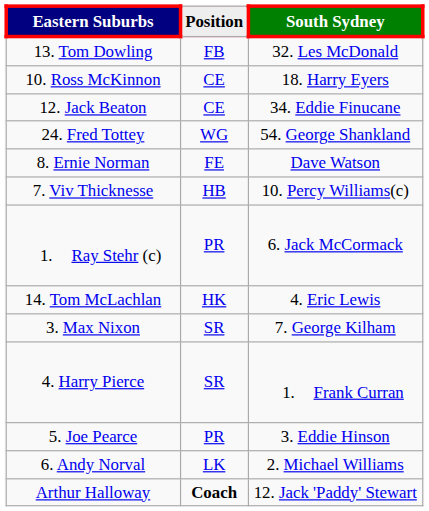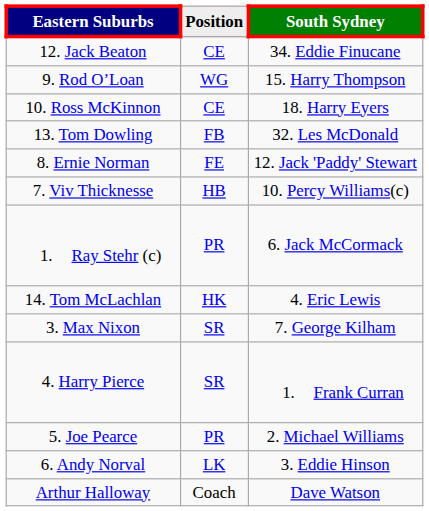 <table class="wikitable" style="float:right; font-size:90%; margin-left:1em;">
 <tr style="background:#f03;">
 <th style="width:140px; border:3px solid red; background: navy; color: white">Eastern Suburbs</th>
 <th style="width:40px; text-align:center; background:#eee; color:black;">Position</th>
 <th style="width:140px; border:3px solid red; background: green; color: white">South Sydney</th>
 </tr>
 <tr align=center>
-<td>13. <a href='#'>Tom Dowling</a></td>
-<td><a href='#'>FB</a></td>
-<td>32. <a href='#'>Les McDonald</a></td>
+<td>12. <a href='#'>Jack Beaton</a></td>
+<td><a href='#'>CE</a></td>
+<td>34. <a href='#'>Eddie Finucane</a></td>
+</tr>
+<tr align=center>
+<td>9. <a href='#'>Rod O’Loan</a></td>
+<td><a href='#'>WG</a></td>
+<td>15. <a href='#'>Harry Thompson</a></td>
 </tr>
 <tr align=center>
 <td>10. <a href='#'>Ross McKinnon</a></td>
 <td><a href='#'>CE</a></td>
 <td>18. <a href='#'>Harry Eyers</a></td>
 </tr>
 <tr align=center>
-<td>12. <a href='#'>Jack Beaton</a></td>
-<td><a href='#'>CE</a></td>
-<td>34. <a href='#'>Eddie Finucane</a></td>
-</tr>
-<tr align=center>
-<td>24. <a href='#'>Fred Tottey</a></td>
-<td><a href='#'>WG</a></td>
-<td>54. <a href='#'>George Shankland</a></td>
+<td>13. <a href='#'>Tom Dowling</a></td>
+<td><a href='#'>FB</a></td>
+<td>32. <a href='#'>Les McDonald</a></td>
 </tr>
 <tr align=center>
 <td>8. <a href='#'>Ernie Norman</a></td>
 <td><a href='#'>FE</a></td>
-<td><a href='#'>Dave Watson</a></td>
+<td>12. <a href='#'>Jack 'Paddy' Stewart</a></td>
 </tr>
 <tr align=center>
 <td>7. <a href='#'>Viv Thicknesse</a></td>
 <td><a href='#'>HB</a></td>
 <td>10. <a href='#'>Percy Williams</a>(c)</td>
 </tr>
 <tr align=center>
 <td><br><ol><li><a href='#'>Ray Stehr</a> (c)</li></ol></td>
 <td><a href='#'>PR</a></td>
 <td>6. <a href='#'>Jack McCormack</a></td>
 </tr>
 <tr align=center>
 <td>14. <a href='#'>Tom McLachlan</a></td>
 <td><a href='#'>HK</a></td>
 <td>4. <a href='#'>Eric Lewis</a></td>
 </tr>
 <tr align=center>
 <td>3. <a href='#'>Max Nixon</a></td>
 <td><a href='#'>SR</a></td>
 <td>7. <a href='#'>George Kilham</a></td>
 </tr>
 <tr align=center>
 <td>4. <a href='#'>Harry Pierce</a></td>
 <td><a href='#'>SR</a></td>
 <td><br><ol><li><a href='#'>Frank Curran</a></li></ol></td>
 </tr>
 <tr align=center>
 <td>5. <a href='#'>Joe Pearce</a></td>
 <td><a href='#'>PR</a></td>
-<td>3. <a href='#'>Eddie Hinson</a></td>
+<td>2. <a href='#'>Michael Williams</a></td>
 </tr>
 <tr align=center>
 <td>6. <a href='#'>Andy Norval</a></td>
 <td><a href='#'>LK</a></td>
-<td>2. <a href='#'>Michael Williams</a></td>
+<td>3. <a href='#'>Eddie Hinson</a></td>
 </tr>
 <tr align=center>
 <td><a href='#'>Arthur Halloway</a></td>
-<td><strong>Coach</strong></td>
-<td>12. <a href='#'>Jack 'Paddy' Stewart</a></td>
+<td>Coach</td>
+<td><a href='#'>Dave Watson</a></td>
 </tr>
 </table>
